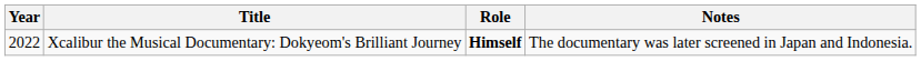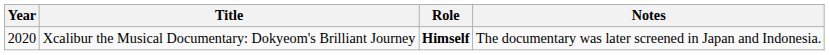 <table class="wikitable">
 <tr>
 <th scope="col">Year</th>
 <th scope="col">Title</th>
 <th scope="col">Role</th>
 <th scope="col">Notes</th>
 </tr>
 <tr>
-<td>2022</td>
+<td>2020</td>
 <td>Xcalibur the Musical Documentary: Dokyeom's Brilliant Journey</td>
 <td><strong>Himself</strong></td>
 <td>The documentary was later screened in Japan and Indonesia.</td>
 </tr>
 </table>
